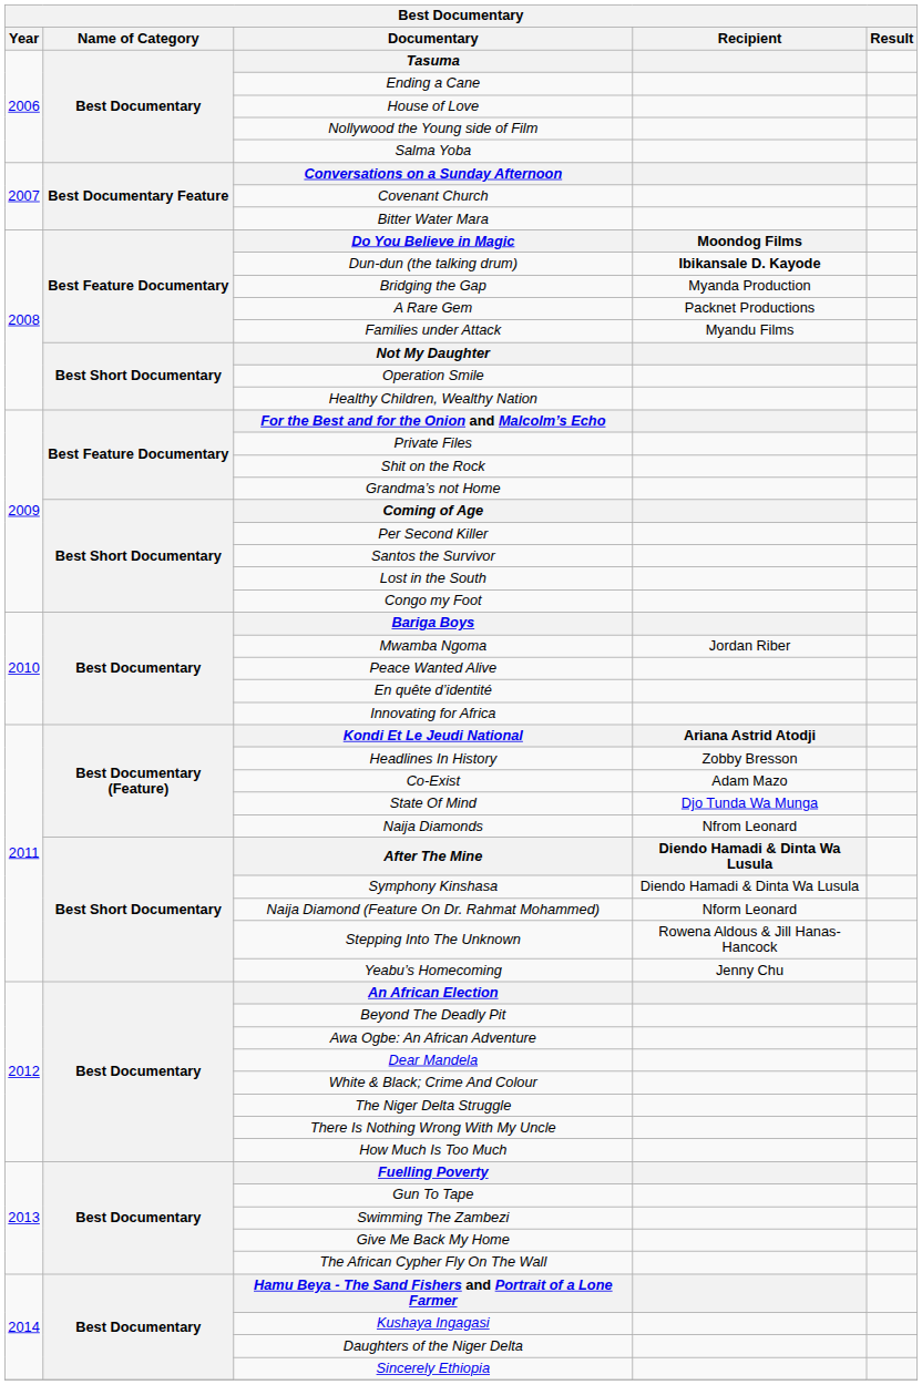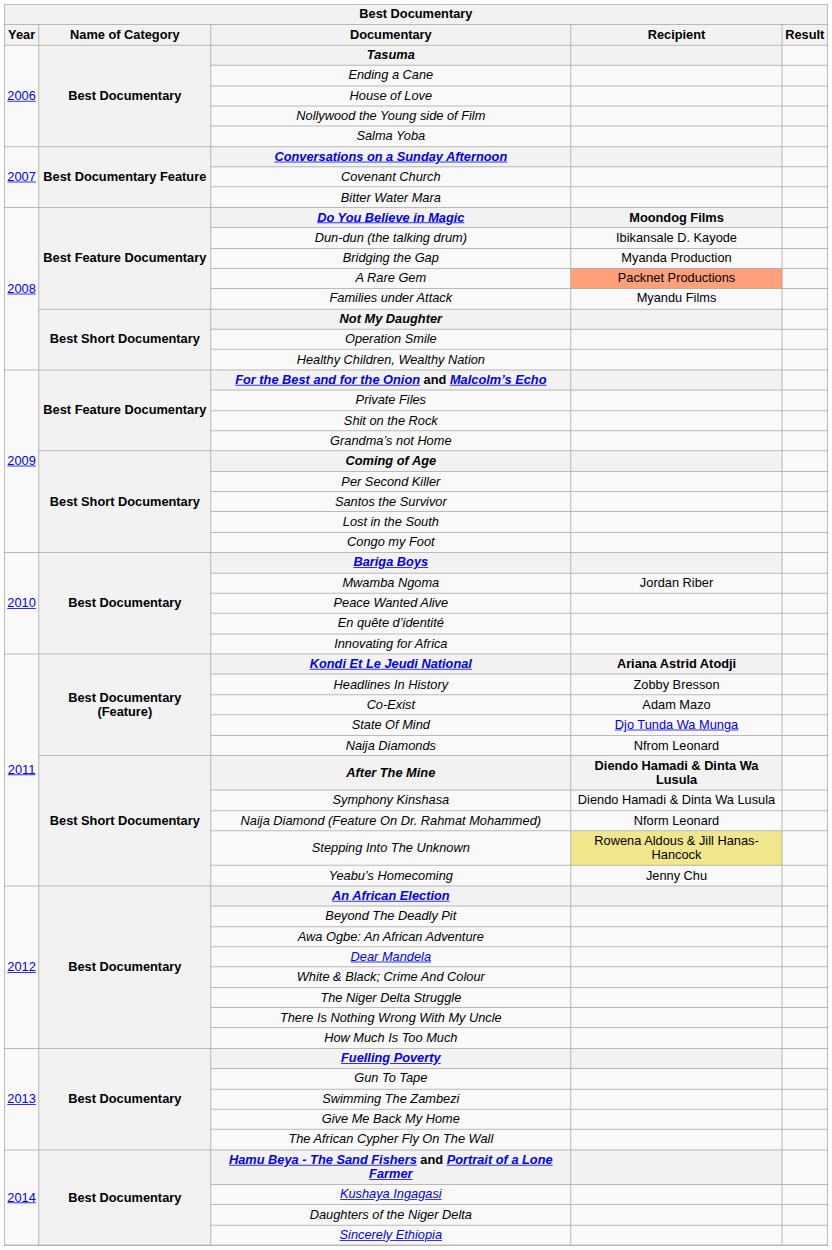 <table class=wikitable style="text-align:center" width="65%">
 <tr>
 <th colspan="5">Best Documentary</th>
 </tr>
 <tr>
 <th>Year</th>
 <th>Name of Category</th>
 <th>Documentary</th>
 <th>Recipient</th>
 <th>Result</th>
 </tr>
 <tr>
 <td rowspan="5"><a href='#'>2006</a></td>
 <th rowspan="5">Best Documentary</th>
 <th><em>Tasuma</em></th>
 <th></th>
 <td></td>
 </tr>
 <tr>
 <td><em>Ending a Cane</em></td>
 <td></td>
 <td></td>
 </tr>
 <tr>
 <td><em>House of Love</em></td>
 <td></td>
 <td></td>
 </tr>
 <tr>
 <td><em>Nollywood the Young side of Film</em></td>
 <td></td>
 <td></td>
 </tr>
 <tr>
 <td><em>Salma Yoba</em></td>
 <td></td>
 <td></td>
 </tr>
 <tr>
 <td rowspan="3"><a href='#'>2007</a></td>
 <th rowspan="3">Best Documentary Feature</th>
 <th><em><a href='#'>Conversations on a Sunday Afternoon</a></em></th>
 <th></th>
 <td></td>
 </tr>
 <tr>
 <td><em>Covenant Church</em></td>
 <td></td>
 <td></td>
 </tr>
 <tr>
 <td><em>Bitter Water Mara</em></td>
 <td></td>
 <td></td>
 </tr>
 <tr>
 <td rowspan="8"><a href='#'>2008</a></td>
 <th rowspan="5">Best Feature Documentary</th>
 <th><em><a href='#'>Do You Believe in Magic</a></em></th>
 <th>Moondog Films</th>
 <td></td>
 </tr>
 <tr>
 <td><em>Dun-dun (the talking drum)</em></td>
-<td><strong>Ibikansale D. Kayode</strong></td>
+<td>Ibikansale D. Kayode</td>
 <td></td>
 </tr>
 <tr>
 <td><em>Bridging the Gap</em></td>
 <td>Myanda Production</td>
 <td></td>
 </tr>
 <tr>
 <td><em>A Rare Gem</em></td>
-<td>Packnet Productions</td>
+<td style="background: lightsalmon;">Packnet Productions</td>
 <td></td>
 </tr>
 <tr>
 <td><em>Families under Attack</em></td>
 <td>Myandu Films</td>
 <td></td>
 </tr>
 <tr>
 <th rowspan="3">Best Short Documentary</th>
 <th><em>Not My Daughter</em></th>
 <th></th>
 <td></td>
 </tr>
 <tr>
 <td><em>Operation Smile</em></td>
 <td></td>
 <td></td>
 </tr>
 <tr>
 <td><em>Healthy Children, Wealthy Nation</em></td>
 <td></td>
 <td></td>
 </tr>
 <tr>
 <td rowspan="9"><a href='#'>2009</a></td>
 <th rowspan="4">Best Feature Documentary</th>
 <th><em><a href='#'>For the Best and for the Onion</a></em> and <em><a href='#'>Malcolm’s Echo</a></em></th>
 <th></th>
 <td></td>
 </tr>
 <tr>
 <td><em>Private Files</em></td>
 <td></td>
 <td></td>
 </tr>
 <tr>
 <td><em>Shit on the Rock</em></td>
 <td></td>
 <td></td>
 </tr>
 <tr>
 <td><em>Grandma’s not Home</em></td>
 <td></td>
 <td></td>
 </tr>
 <tr>
 <th rowspan="5">Best Short Documentary</th>
 <th><em>Coming of Age</em></th>
 <th></th>
 <td></td>
 </tr>
 <tr>
 <td><em>Per Second Killer</em></td>
 <td></td>
 <td></td>
 </tr>
 <tr>
 <td><em>Santos the Survivor</em></td>
 <td></td>
 <td></td>
 </tr>
 <tr>
 <td><em>Lost in the South</em></td>
 <td></td>
 <td></td>
 </tr>
 <tr>
 <td><em>Congo my Foot</em></td>
 <td></td>
 <td></td>
 </tr>
 <tr>
 <td rowspan="5"><a href='#'>2010</a></td>
 <th rowspan="5">Best Documentary</th>
 <th><em><a href='#'>Bariga Boys</a></em></th>
 <th></th>
 <td></td>
 </tr>
 <tr>
 <td><em>Mwamba Ngoma</em></td>
 <td>Jordan Riber</td>
 <td></td>
 </tr>
 <tr>
 <td><em>Peace Wanted Alive</em></td>
 <td></td>
 <td></td>
 </tr>
 <tr>
 <td><em>En quête d’identité</em></td>
 <td></td>
 <td></td>
 </tr>
 <tr>
 <td><em>Innovating for Africa</em></td>
 <td></td>
 <td></td>
 </tr>
 <tr>
 <td rowspan="10"><a href='#'>2011</a></td>
 <th rowspan="5">Best Documentary (Feature)</th>
 <th><em><a href='#'>Kondi Et Le Jeudi National</a></em></th>
 <th>Ariana Astrid Atodji</th>
 <td></td>
 </tr>
 <tr>
 <td><em>Headlines In History</em></td>
 <td>Zobby Bresson</td>
 <td></td>
 </tr>
 <tr>
 <td><em>Co-Exist </em></td>
 <td>Adam Mazo</td>
 <td></td>
 </tr>
 <tr>
 <td><em>State Of Mind</em></td>
 <td><a href='#'>Djo Tunda Wa Munga</a></td>
 <td></td>
 </tr>
 <tr>
 <td><em>Naija Diamonds</em></td>
 <td>Nfrom Leonard</td>
 <td></td>
 </tr>
 <tr>
 <th rowspan="5">Best Short Documentary</th>
 <th><em>After The Mine</em></th>
 <th>Diendo Hamadi & Dinta Wa Lusula</th>
 <td></td>
 </tr>
 <tr>
 <td><em>Symphony Kinshasa</em></td>
 <td>Diendo Hamadi & Dinta Wa Lusula</td>
 <td></td>
 </tr>
 <tr>
 <td><em>Naija Diamond (Feature On Dr. Rahmat Mohammed)</em></td>
 <td>Nform Leonard</td>
 <td></td>
 </tr>
 <tr>
 <td><em>Stepping Into The Unknown</em></td>
-<td>Rowena Aldous & Jill Hanas-Hancock</td>
+<td style="background: khaki;">Rowena Aldous & Jill Hanas-Hancock</td>
 <td></td>
 </tr>
 <tr>
 <td><em>Yeabu’s Homecoming</em></td>
 <td>Jenny Chu</td>
 <td></td>
 </tr>
 <tr>
 <td rowspan="8"><a href='#'>2012</a></td>
 <th rowspan="8">Best Documentary</th>
 <th><em><a href='#'>An African Election</a></em></th>
 <th></th>
 <td></td>
 </tr>
 <tr>
 <td><em>Beyond The Deadly Pit</em></td>
 <td></td>
 <td></td>
 </tr>
 <tr>
 <td><em>Awa Ogbe: An African Adventure</em></td>
 <td></td>
 <td></td>
 </tr>
 <tr>
 <td><em><a href='#'>Dear Mandela</a></em></td>
 <td></td>
 <td></td>
 </tr>
 <tr>
 <td><em>White & Black; Crime And Colour</em></td>
 <td></td>
 <td></td>
 </tr>
 <tr>
 <td><em>The Niger Delta Struggle</em></td>
 <td></td>
 <td></td>
 </tr>
 <tr>
 <td><em>There Is Nothing Wrong With My Uncle</em></td>
 <td></td>
 <td></td>
 </tr>
 <tr>
 <td><em>How Much Is Too Much</em></td>
 <td></td>
 <td></td>
 </tr>
 <tr>
 <td rowspan="5"><a href='#'>2013</a></td>
 <th rowspan="5">Best Documentary</th>
 <th><em><a href='#'>Fuelling Poverty</a></em></th>
 <th></th>
 <td></td>
 </tr>
 <tr>
 <td><em>Gun To Tape</em></td>
 <td></td>
 <td></td>
 </tr>
 <tr>
 <td><em>Swimming The Zambezi</em></td>
 <td></td>
 <td></td>
 </tr>
 <tr>
 <td><em>Give Me Back My Home</em></td>
 <td></td>
 <td></td>
 </tr>
 <tr>
 <td><em>The African Cypher Fly On The Wall</em></td>
 <td></td>
 <td></td>
 </tr>
 <tr>
 <td rowspan="4"><a href='#'>2014</a></td>
 <th rowspan="4">Best Documentary</th>
 <th><em><a href='#'>Hamu Beya - The Sand Fishers</a></em> and <em><a href='#'>Portrait of a Lone Farmer</a></em></th>
 <th></th>
 <td></td>
 </tr>
 <tr>
 <td><em><a href='#'>Kushaya Ingagasi</a></em></td>
 <td></td>
 <td></td>
 </tr>
 <tr>
 <td><em>Daughters of the Niger Delta</em></td>
 <td></td>
 <td></td>
 </tr>
 <tr>
 <td><em><a href='#'>Sincerely Ethiopia</a></em></td>
 <td></td>
 <td></td>
 </tr>
 <tr>
 </tr>
 </table>
